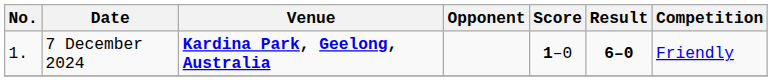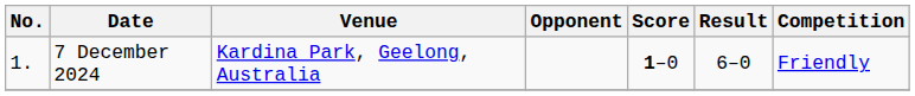 <table class="wikitable">
 <tr>
 <th>No.</th>
 <th>Date</th>
 <th>Venue</th>
 <th>Opponent</th>
 <th>Score</th>
 <th>Result</th>
 <th>Competition</th>
 </tr>
 <tr>
 <td>1.</td>
 <td>7 December 2024</td>
-<td><strong><a href='#'>Kardina Park</a>, <a href='#'>Geelong</a>, <a href='#'>Australia</a></strong></td>
+<td><a href='#'>Kardina Park</a>, <a href='#'>Geelong</a>, <a href='#'>Australia</a></td>
 <td></td>
 <td align=center><strong>1</strong>–0</td>
-<td align=center><strong>6–0</strong></td>
+<td align=center>6–0</td>
 <td><a href='#'>Friendly</a></td>
 </tr>
 <tr>
 </tr>
 </table>
